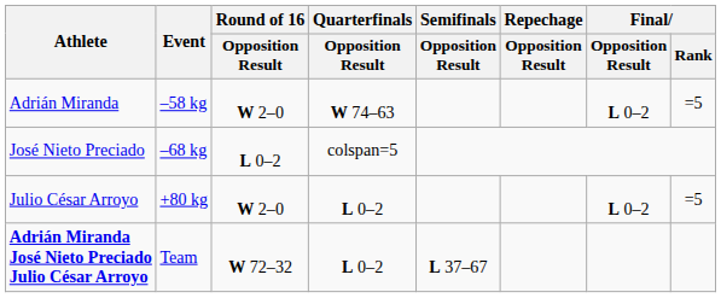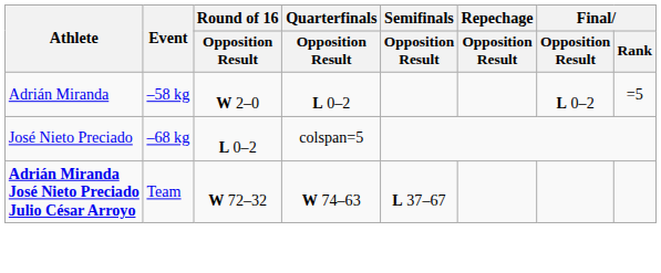 <table class=wikitable style=font-size:90%;text-align:center>
 <tr>
 <th rowspan=2>Athlete</th>
 <th rowspan=2>Event</th>
 <th>Round of 16</th>
 <th>Quarterfinals</th>
 <th>Semifinals</th>
 <th>Repechage</th>
 <th colspan=2>Final/ </th>
 </tr>
 <tr style=font-size:95%>
 <th>Opposition<br>Result</th>
 <th>Opposition<br>Result</th>
 <th>Opposition<br>Result</th>
 <th>Opposition<br>Result</th>
 <th>Opposition<br>Result</th>
 <th>Rank</th>
 </tr>
 <tr align=center>
 <td align=left><a href='#'>Adrián Miranda</a></td>
 <td align=left><a href='#'>–58 kg</a></td>
 <td><br><strong>W</strong> 2–0</td>
-<td><br><strong>W</strong> 74–63</td>
+<td><br><strong>L</strong> 0–2</td>
 <td></td>
 <td></td>
 <td><br><strong>L</strong> 0–2</td>
 <td>=5</td>
 </tr>
 <tr align=center>
 <td align=left><a href='#'>José Nieto Preciado</a></td>
 <td align=left><a href='#'>–68 kg</a></td>
 <td><br><strong>L</strong> 0–2</td>
 <td>colspan=5 </td>
 </tr>
 <tr align=center>
-<td align=left><a href='#'>Julio César Arroyo</a></td>
-<td align=left><a href='#'>+80 kg</a></td>
-<td><br><strong>W</strong> 2–0</td>
-<td><br><strong>L</strong> 0–2</td>
-<td></td>
-<td></td>
-<td><br><strong>L</strong> 0–2</td>
-<td>=5</td>
-</tr>
-<tr align=center>
 <td align=left><strong><a href='#'>Adrián Miranda</a> <br> <a href='#'>José Nieto Preciado</a> <br> <a href='#'>Julio César Arroyo</a></strong></td>
 <td align=left><a href='#'>Team</a></td>
 <td><br><strong>W</strong> 72–32</td>
-<td><br><strong>L</strong> 0–2</td>
+<td><br><strong>W</strong> 74–63</td>
 <td><br><strong>L</strong> 37–67</td>
 <td></td>
 <td></td>
 <td></td>
 </tr>
 </table>
